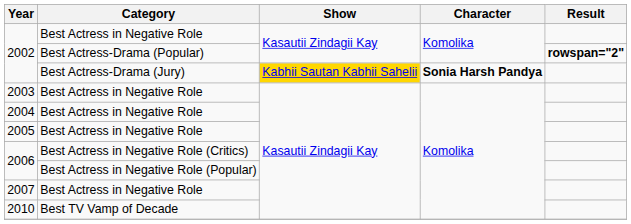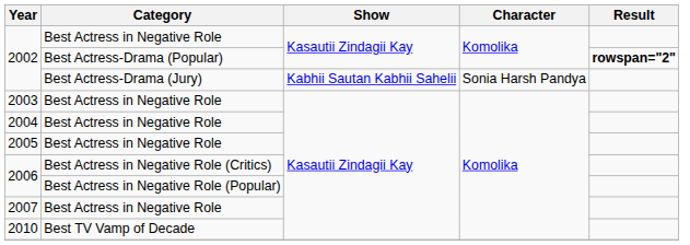 <table class="wikitable sortable">
 <tr>
 <th>Year</th>
 <th>Category</th>
 <th>Show</th>
 <th>Character</th>
 <th>Result</th>
 </tr>
 <tr>
 <td rowspan="3">2002</td>
 <td>Best Actress in Negative Role</td>
 <td rowspan="2"><a href='#'>Kasautii Zindagii Kay</a></td>
 <td rowspan="2"><a href='#'>Komolika</a></td>
 <td></td>
 </tr>
 <tr>
 <td>Best Actress-Drama (Popular)</td>
 <td><strong>rowspan="2" </strong></td>
 </tr>
 <tr>
 <td>Best Actress-Drama (Jury)</td>
-<td style="background: gold;"><a href='#'>Kabhii Sautan Kabhii Sahelii</a></td>
-<td><strong>Sonia Harsh Pandya</strong></td>
+<td><a href='#'>Kabhii Sautan Kabhii Sahelii</a></td>
+<td>Sonia Harsh Pandya</td>
 </tr>
 <tr>
 <td rowspan="1">2003</td>
 <td>Best Actress in Negative Role</td>
 <td rowspan="7"><a href='#'>Kasautii Zindagii Kay</a></td>
 <td rowspan="7"><a href='#'>Komolika</a></td>
 <td></td>
 </tr>
 <tr>
 <td>2004</td>
 <td>Best Actress in Negative Role</td>
 <td></td>
 </tr>
 <tr>
 <td>2005</td>
 <td>Best Actress in Negative Role</td>
 <td></td>
 </tr>
 <tr>
 <td rowspan="2">2006</td>
 <td>Best Actress in Negative Role (Critics)</td>
 <td></td>
 </tr>
 <tr>
 <td>Best Actress in Negative Role (Popular)</td>
 <td></td>
 </tr>
 <tr>
 <td>2007</td>
 <td>Best Actress in Negative Role</td>
 <td></td>
 </tr>
 <tr>
 <td>2010</td>
 <td>Best TV Vamp of Decade</td>
 <td></td>
 </tr>
 <tr>
 </tr>
 </table>
